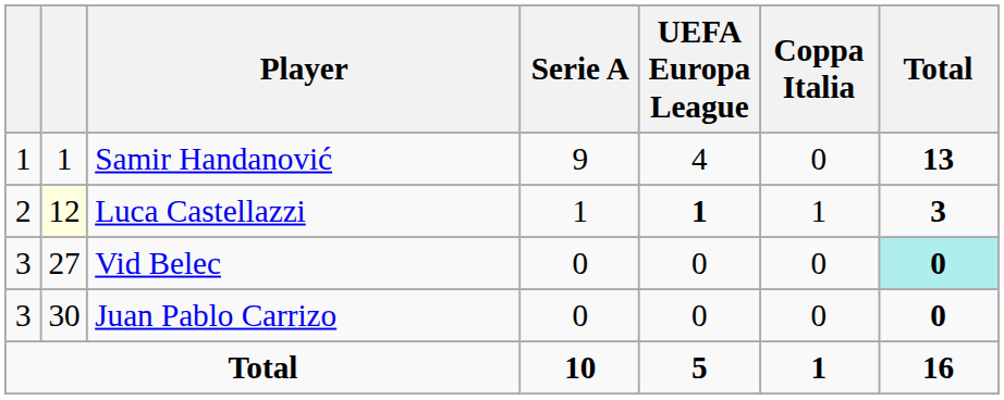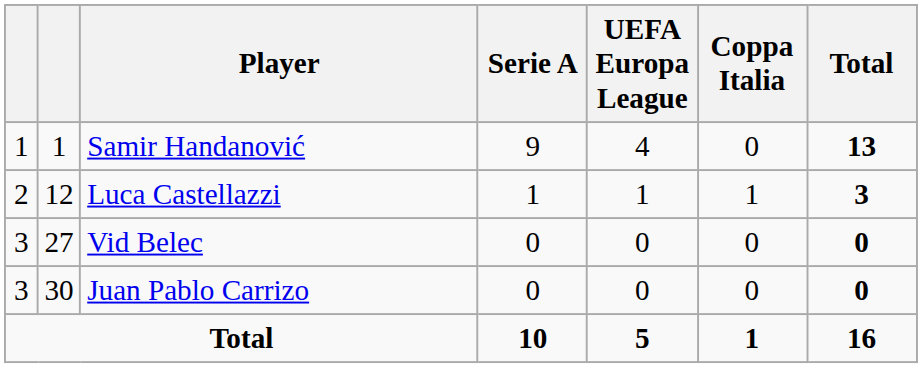 <table class="wikitable sortable" style="font-size: 95%; text-align: center;">
 <tr>
 <th width=10></th>
 <th width=10></th>
 <th width=200>Player</th>
 <th width=50>Serie A</th>
 <th width=50>UEFA Europa League</th>
 <th width=50>Coppa Italia</th>
 <th width=50>Total</th>
 </tr>
 <tr>
 <td>1</td>
 <td>1</td>
 <td align="left"> <a href='#'>Samir Handanović</a></td>
 <td>9</td>
 <td>4</td>
 <td>0</td>
 <td><strong>13</strong></td>
 </tr>
 <tr>
 <td>2</td>
-<td style="background: lightyellow;">12</td>
+<td>12</td>
 <td align=left> <a href='#'>Luca Castellazzi</a></td>
 <td>1</td>
-<td><strong>1</strong></td>
+<td>1</td>
 <td>1</td>
 <td><strong>3</strong></td>
 </tr>
 <tr>
 <td>3</td>
 <td>27</td>
 <td align=left> <a href='#'>Vid Belec</a></td>
 <td>0</td>
 <td>0</td>
 <td>0</td>
-<td style="background: paleturquoise;"><strong>0</strong></td>
+<td><strong>0</strong></td>
 </tr>
 <tr>
 <td>3</td>
 <td>30</td>
 <td align=left> <a href='#'>Juan Pablo Carrizo</a></td>
 <td>0</td>
 <td>0</td>
 <td>0</td>
 <td><strong>0</strong></td>
 </tr>
 <tr>
 <td colspan="3"><strong>Total</strong></td>
 <td><strong>10</strong></td>
 <td><strong>5</strong></td>
 <td><strong>1</strong></td>
 <td><strong>16</strong></td>
 </tr>
 </table>
